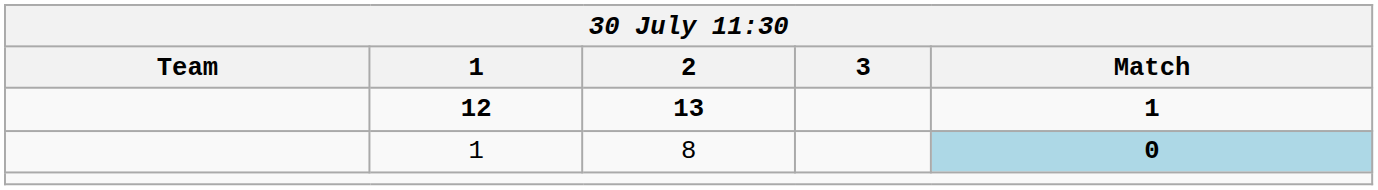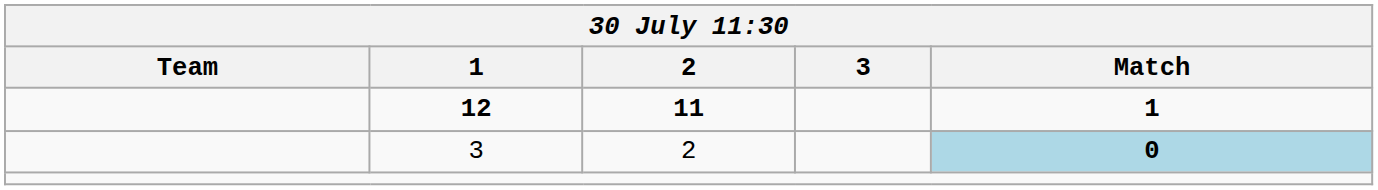 <table class=wikitable style="text-align:center; width: 55%">
 <tr>
 <th colspan=10><em>30 July 11:30</em></th>
 </tr>
 <tr>
 <th>Team</th>
 <th>1</th>
 <th>2</th>
 <th>3</th>
 <th>Match</th>
 </tr>
 <tr>
 <td align=left><strong><br></strong></td>
 <td><strong>12</strong></td>
-<td><strong>13</strong></td>
+<td><strong>11</strong></td>
 <td></td>
 <td><strong>1</strong></td>
 </tr>
 <tr>
 <td align=left><br></td>
-<td>1</td>
-<td>8</td>
+<td>3</td>
+<td>2</td>
 <td></td>
 <td style="background: lightblue;"><strong>0</strong></td>
 </tr>
 <tr>
 <td colspan=10></td>
 </tr>
 </table>
